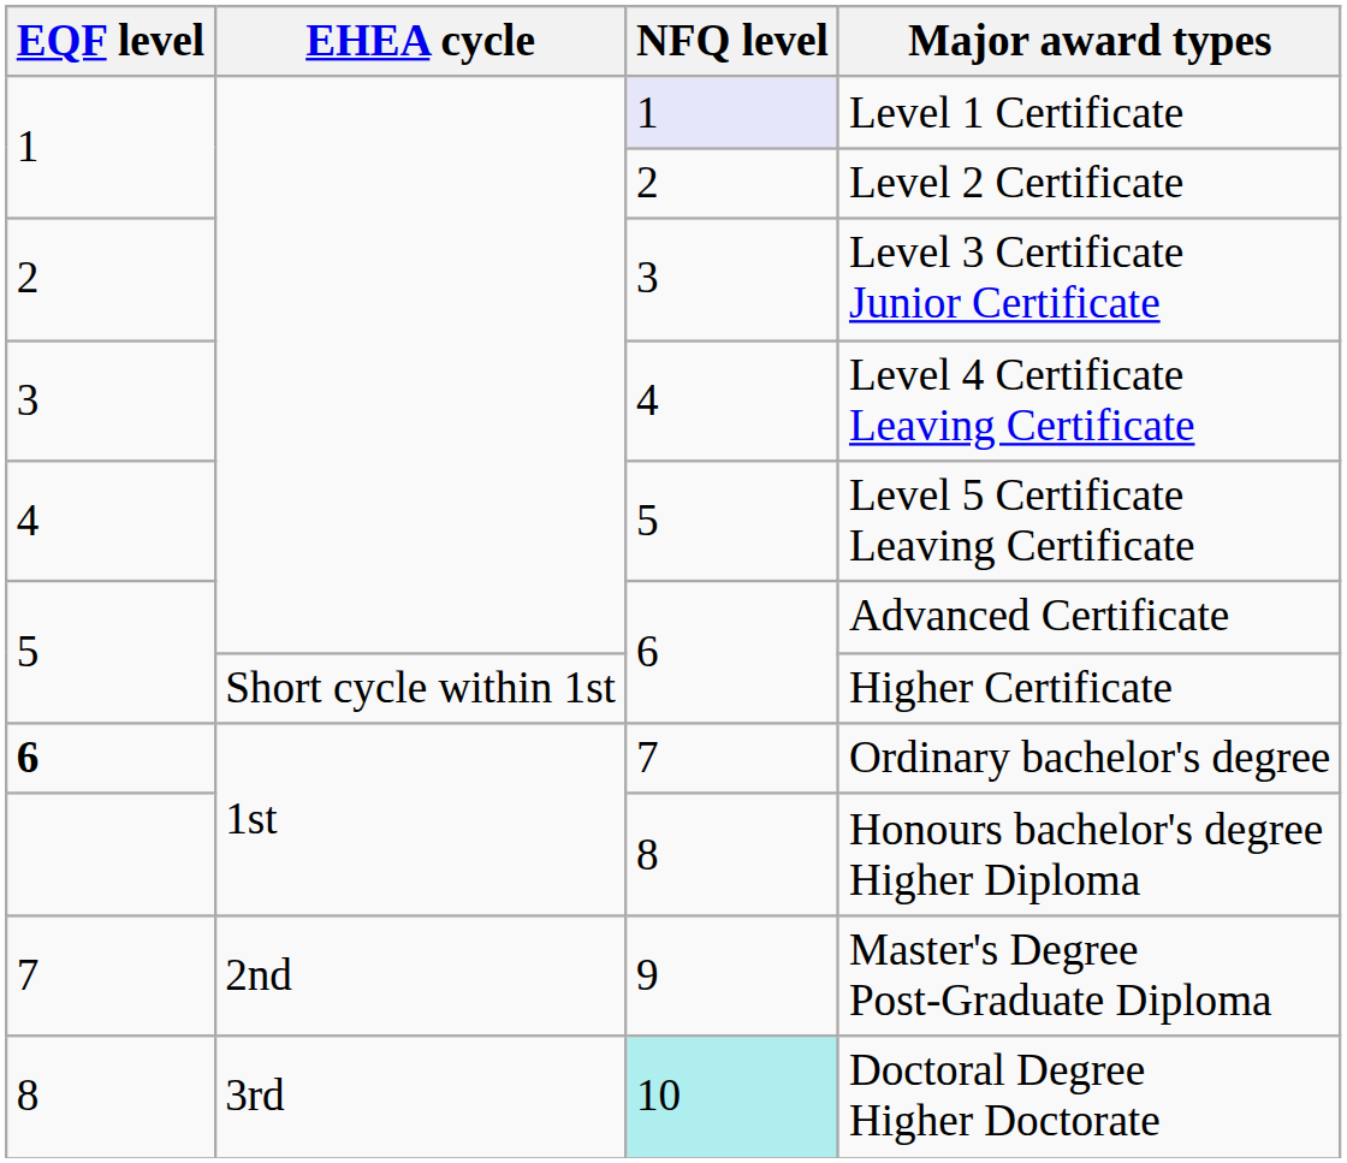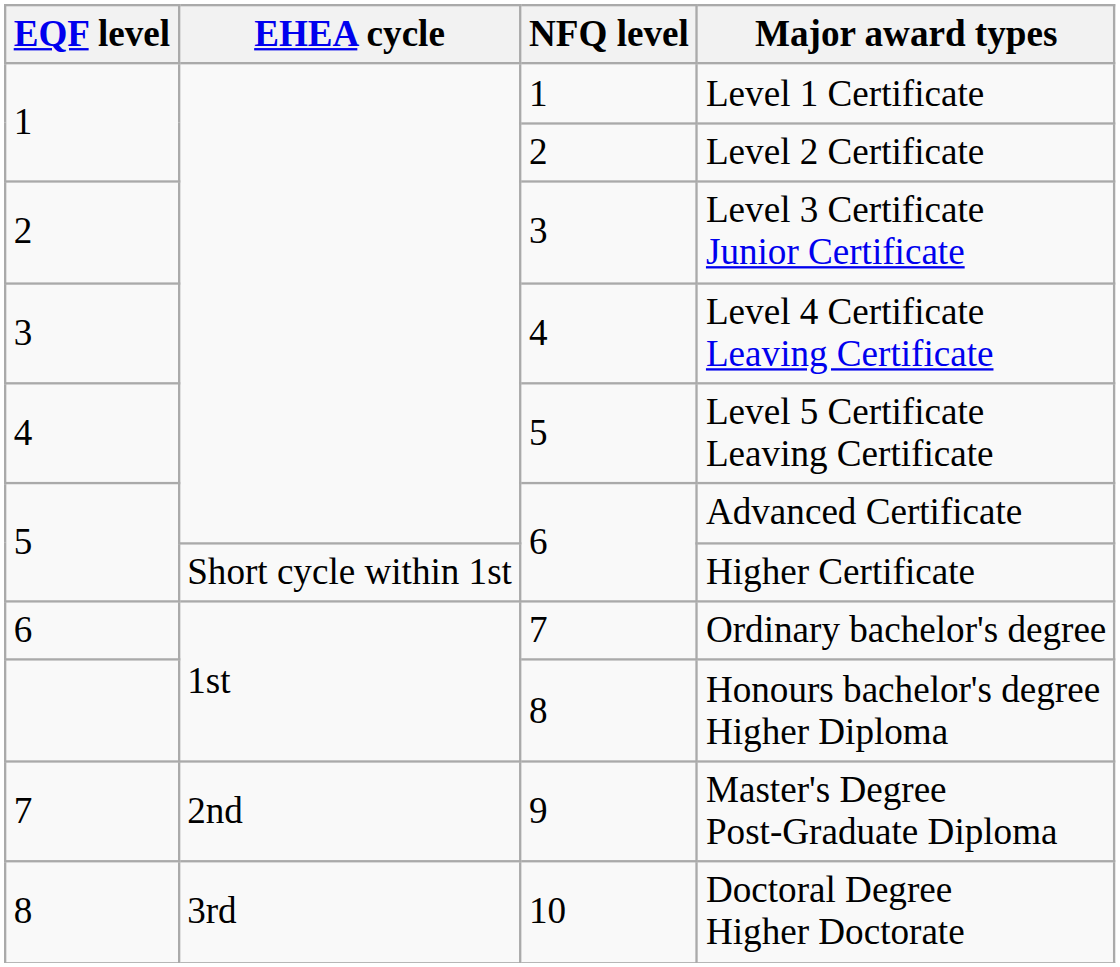 <table class="wikitable">
 <tr>
 <th><a href='#'>EQF</a> level</th>
 <th><a href='#'>EHEA</a> cycle</th>
 <th>NFQ level</th>
 <th>Major award types</th>
 </tr>
 <tr>
 <td rowspan="2">1</td>
 <td rowspan="6"> </td>
-<td style="background: lavender;">1</td>
+<td>1</td>
 <td>Level 1 Certificate</td>
 </tr>
 <tr>
 <td>2</td>
 <td>Level 2 Certificate</td>
 </tr>
 <tr>
 <td>2</td>
 <td>3</td>
 <td>Level 3 Certificate<br><a href='#'>Junior Certificate</a></td>
 </tr>
 <tr>
 <td>3</td>
 <td>4</td>
 <td>Level 4 Certificate<br><a href='#'>Leaving Certificate</a></td>
 </tr>
 <tr>
 <td>4</td>
 <td>5</td>
 <td>Level 5 Certificate<br>Leaving Certificate</td>
 </tr>
 <tr>
 <td rowspan="2">5</td>
 <td rowspan="2">6</td>
 <td>Advanced Certificate</td>
 </tr>
 <tr>
 <td>Short cycle within 1st</td>
 <td>Higher Certificate</td>
 </tr>
 <tr>
-<td><strong>6</strong></td>
+<td>6</td>
 <td rowspan="2">1st</td>
 <td>7</td>
 <td>Ordinary bachelor's degree</td>
 </tr>
 <tr>
 <td> </td>
 <td>8</td>
 <td>Honours bachelor's degree<br>Higher Diploma</td>
 </tr>
 <tr>
 <td>7</td>
 <td>2nd</td>
 <td>9</td>
 <td>Master's Degree<br>Post-Graduate Diploma</td>
 </tr>
 <tr>
 <td>8</td>
 <td>3rd</td>
-<td style="background: paleturquoise;">10</td>
+<td>10</td>
 <td>Doctoral Degree<br>Higher Doctorate</td>
 </tr>
 </table>
